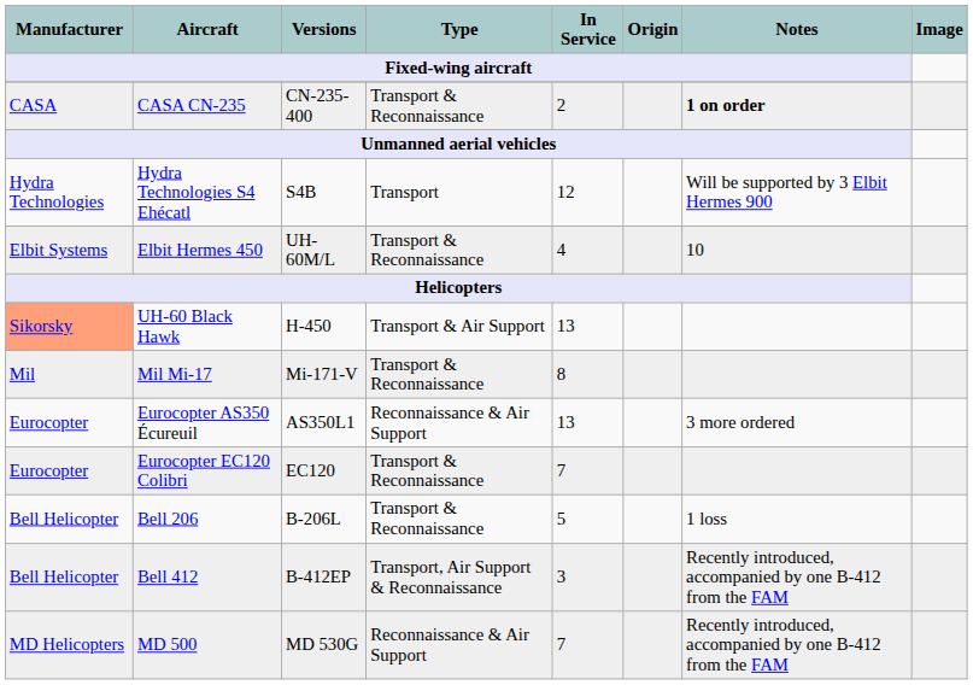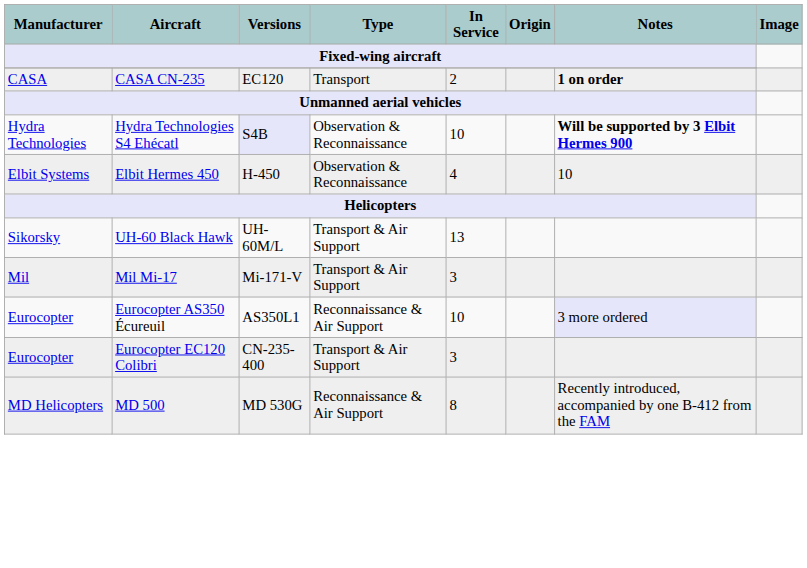 <table class="wikitable">
 <tr>
 <th style="text-align:center; background:#acc;">Manufacturer</th>
 <th style="text-align:center; background:#acc;">Aircraft</th>
 <th style="text-align:center; background:#acc;">Versions</th>
 <th style="text-align:center; background:#acc;">Type</th>
 <th style="text-align:center; background:#acc;">In Service</th>
 <th style="text-align:center; background:#acc;">Origin</th>
 <th style="text-align:center; background:#acc;">Notes</th>
 <th style="text-align:center; background:#acc;">Image</th>
 </tr>
 <tr>
 <th style="align: center; background: lavender;" colspan="7"><strong>Fixed-wing aircraft</strong></th>
 </tr>
 <tr style="background:#efefef; color:black">
 </tr>
 <tr style="background:#efefef; color:black">
 <td><a href='#'>CASA</a></td>
 <td><a href='#'>CASA CN-235</a></td>
-<td>CN-235-400</td>
-<td>Transport & Reconnaissance</td>
+<td>EC120</td>
+<td>Transport</td>
 <td>2</td>
 <td></td>
 <td><strong>1 on order</strong></td>
 <td></td>
 </tr>
 <tr>
 <th style="align: center; background: lavender;" colspan="7"><strong>Unmanned aerial vehicles</strong></th>
 </tr>
 <tr>
 <td><a href='#'>Hydra Technologies</a></td>
 <td><a href='#'>Hydra Technologies S4 Ehécatl</a></td>
-<td>S4B</td>
-<td>Transport</td>
-<td>12</td>
+<td style="background: lavender;">S4B</td>
+<td>Observation & Reconnaissance</td>
+<td>10</td>
 <td></td>
-<td>Will be supported by 3 <a href='#'>Elbit Hermes 900</a></td>
+<td><strong>Will be supported by 3 <a href='#'>Elbit Hermes 900</a></strong></td>
 <td></td>
 </tr>
 <tr style="background:#efefef; color:black">
 <td><a href='#'>Elbit Systems</a></td>
 <td><a href='#'>Elbit Hermes 450</a></td>
-<td>UH-60M/L</td>
-<td>Transport & Reconnaissance</td>
+<td>H-450</td>
+<td>Observation & Reconnaissance</td>
 <td>4</td>
 <td></td>
 <td>10</td>
 <td></td>
 </tr>
 <tr>
 <th style="align: center; background: lavender;" colspan="7"><strong>Helicopters</strong></th>
 </tr>
 <tr>
-<td style="background: lightsalmon;"><a href='#'>Sikorsky</a></td>
+<td><a href='#'>Sikorsky</a></td>
 <td><a href='#'>UH-60 Black Hawk</a></td>
-<td>H-450</td>
+<td>UH-60M/L</td>
 <td>Transport & Air Support</td>
 <td>13</td>
 <td></td>
 <td></td>
 <td></td>
 </tr>
 <tr style="background:#efefef; color:black">
 <td><a href='#'>Mil</a></td>
 <td><a href='#'>Mil Mi-17</a></td>
 <td>Mi-171-V</td>
-<td>Transport & Reconnaissance</td>
-<td>8</td>
+<td>Transport & Air Support</td>
+<td>3</td>
 <td></td>
 <td></td>
 <td></td>
 </tr>
 <tr>
 <td><a href='#'>Eurocopter</a></td>
 <td><a href='#'>Eurocopter AS350</a> Écureuil</td>
 <td>AS350L1</td>
 <td>Reconnaissance & Air Support</td>
-<td>13</td>
+<td>10</td>
 <td></td>
-<td>3 more ordered</td>
+<td style="background: lavender;">3 more ordered</td>
 <td></td>
 </tr>
 <tr style="background:#efefef; color:black">
 <td><a href='#'>Eurocopter</a></td>
 <td><a href='#'>Eurocopter EC120 Colibri</a></td>
-<td>EC120</td>
-<td>Transport & Reconnaissance</td>
-<td>7</td>
+<td>CN-235-400</td>
+<td>Transport & Air Support</td>
+<td>3</td>
 <td></td>
 <td></td>
-<td></td>
-</tr>
-<tr>
-<td><a href='#'>Bell Helicopter</a></td>
-<td><a href='#'>Bell 206</a></td>
-<td>B-206L</td>
-<td>Transport & Reconnaissance</td>
-<td>5</td>
-<td></td>
-<td>1 loss</td>
-<td></td>
-</tr>
-<tr style="background:#efefef; color:black">
-<td><a href='#'>Bell Helicopter</a></td>
-<td><a href='#'>Bell 412</a></td>
-<td>B-412EP</td>
-<td>Transport, Air Support & Reconnaissance</td>
-<td>3</td>
-<td></td>
-<td>Recently introduced, accompanied by one B-412 from the <a href='#'>FAM</a></td>
 <td></td>
 </tr>
 <tr style="background:#efefef; color:black">
 <td><a href='#'>MD Helicopters</a></td>
 <td><a href='#'>MD 500</a></td>
 <td>MD 530G</td>
 <td>Reconnaissance & Air Support</td>
-<td>7</td>
+<td>8</td>
 <td></td>
 <td>Recently introduced, accompanied by one B-412 from the <a href='#'>FAM</a></td>
 <td></td>
 </tr>
 </table>
